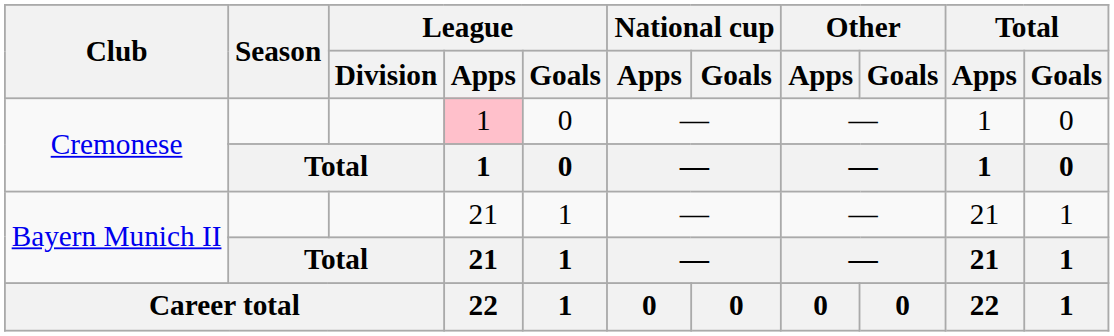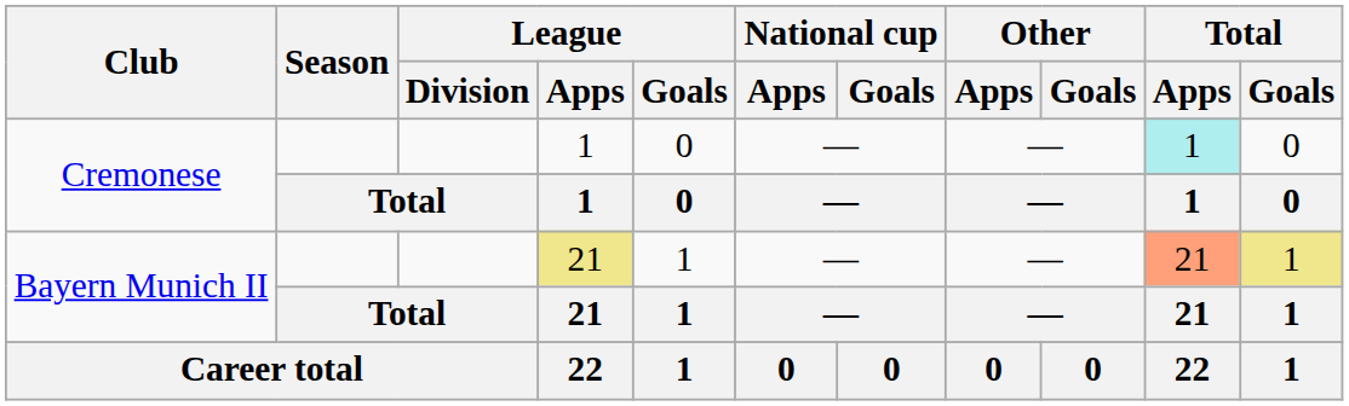 <table class="wikitable" style="text-align:center">
 <tr>
 <th rowspan="2">Club</th>
 <th rowspan="2">Season</th>
 <th colspan="3">League</th>
 <th colspan="2">National cup</th>
 <th colspan="2">Other</th>
 <th colspan="2">Total</th>
 </tr>
 <tr>
 <th>Division</th>
 <th>Apps</th>
 <th>Goals</th>
 <th>Apps</th>
 <th>Goals</th>
 <th>Apps</th>
 <th>Goals</th>
 <th>Apps</th>
 <th>Goals</th>
 </tr>
 <tr>
 <td rowspan="2"><a href='#'>Cremonese</a></td>
 <td></td>
 <td></td>
-<td style="background: pink;">1</td>
+<td>1</td>
 <td>0</td>
 <td colspan="2">—</td>
 <td colspan="2">—</td>
-<td>1</td>
+<td style="background: paleturquoise;">1</td>
 <td>0</td>
 </tr>
 <tr>
 <th colspan="2">Total</th>
 <th>1</th>
 <th>0</th>
 <th colspan="2">—</th>
 <th colspan="2">—</th>
 <th>1</th>
 <th>0</th>
 </tr>
 <tr>
 <td rowspan="2"><a href='#'>Bayern Munich II</a></td>
 <td></td>
 <td></td>
-<td>21</td>
+<td style="background: khaki;">21</td>
 <td>1</td>
 <td colspan="2">—</td>
 <td colspan="2">—</td>
-<td>21</td>
-<td>1</td>
+<td style="background: lightsalmon;">21</td>
+<td style="background: khaki;">1</td>
 </tr>
 <tr>
 <th colspan="2">Total</th>
 <th>21</th>
 <th>1</th>
 <th colspan="2">—</th>
 <th colspan="2">—</th>
 <th>21</th>
 <th>1</th>
 </tr>
 <tr>
 <th colspan="3">Career total</th>
 <th>22</th>
 <th>1</th>
 <th>0</th>
 <th>0</th>
 <th>0</th>
 <th>0</th>
 <th>22</th>
 <th>1</th>
 </tr>
 </table>
